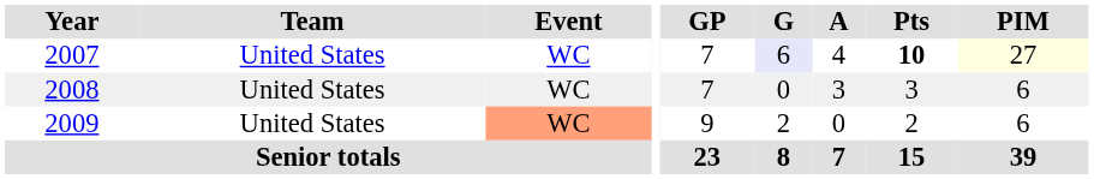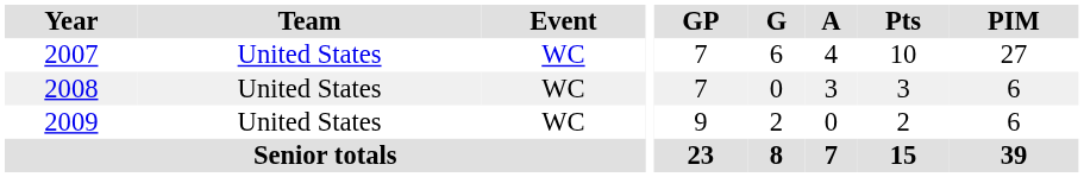 <table border="0" cellpadding="1" cellspacing="0" ID="Table3" style="text-align:center; width:40em">
 <tr bgcolor="#e0e0e0">
 <th>Year</th>
 <th>Team</th>
 <th>Event</th>
 <th rowspan="102" bgcolor="#ffffff"></th>
 <th>GP</th>
 <th>G</th>
 <th>A</th>
 <th>Pts</th>
 <th>PIM</th>
 </tr>
 <tr>
 <td><a href='#'>2007</a></td>
 <td><a href='#'>United States</a></td>
 <td><a href='#'>WC</a></td>
 <td>7</td>
-<td style="background: lavender;">6</td>
+<td>6</td>
 <td>4</td>
-<td><strong>10</strong></td>
-<td style="background: lightyellow;">27</td>
+<td>10</td>
+<td>27</td>
 </tr>
 <tr bgcolor="#f0f0f0">
 <td><a href='#'>2008</a></td>
 <td>United States</td>
 <td>WC</td>
 <td>7</td>
 <td>0</td>
 <td>3</td>
 <td>3</td>
 <td>6</td>
 </tr>
 <tr>
 <td><a href='#'>2009</a></td>
 <td>United States</td>
-<td style="background: lightsalmon;">WC</td>
+<td>WC</td>
 <td>9</td>
 <td>2</td>
 <td>0</td>
 <td>2</td>
 <td>6</td>
 </tr>
 <tr bgcolor="#e0e0e0">
 <th colspan="3">Senior totals</th>
 <th>23</th>
 <th>8</th>
 <th>7</th>
 <th>15</th>
 <th>39</th>
 </tr>
 </table>
